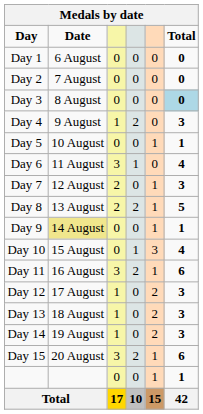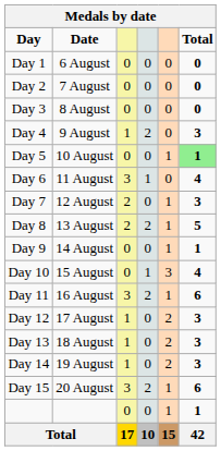 <table class=wikitable style="font-size:85%">
 <tr bgcolor=efefef>
 <th colspan=6>Medals by date</th>
 </tr>
 <tr align=center>
 <td><strong>Day</strong></td>
 <td><strong>Date</strong></td>
 <td bgcolor=#f7f6a8></td>
 <td bgcolor=#dce5e5></td>
 <td bgcolor=#ffdab9></td>
 <td><strong>Total</strong></td>
 </tr>
 <tr align=center>
 <td>Day 1</td>
 <td>6 August</td>
 <td bgcolor=F7F6A8>0</td>
 <td bgcolor=DCE5E5>0</td>
 <td bgcolor=FFDAB9>0</td>
 <td><strong> 0</strong></td>
 </tr>
 <tr align=center>
 <td>Day 2</td>
 <td>7 August</td>
 <td bgcolor=F7F6A8>0</td>
 <td bgcolor=DCE5E5>0</td>
 <td bgcolor=FFDAB9>0</td>
 <td><strong> 0</strong></td>
 </tr>
 <tr align=center>
 <td>Day 3</td>
 <td>8 August</td>
 <td bgcolor=F7F6A8>0</td>
 <td bgcolor=DCE5E5>0</td>
 <td bgcolor=FFDAB9>0</td>
-<td style="background: lightblue;"><strong> 0</strong></td>
+<td><strong> 0</strong></td>
 </tr>
 <tr align=center>
 <td>Day 4</td>
 <td>9 August</td>
 <td bgcolor=F7F6A8>1</td>
 <td bgcolor=DCE5E5>2</td>
 <td bgcolor=FFDAB9>0</td>
 <td><strong> 3</strong></td>
 </tr>
 <tr align=center>
 <td>Day 5</td>
 <td>10 August</td>
 <td bgcolor=F7F6A8>0</td>
 <td bgcolor=DCE5E5>0</td>
 <td bgcolor=FFDAB9>1</td>
-<td><strong> 1</strong></td>
+<td style="background: lightgreen;"><strong> 1</strong></td>
 </tr>
 <tr align=center>
 <td>Day 6</td>
 <td>11 August</td>
 <td bgcolor=F7F6A8>3</td>
 <td bgcolor=DCE5E5>1</td>
 <td bgcolor=FFDAB9>0</td>
 <td><strong> 4</strong></td>
 </tr>
 <tr align=center>
 <td>Day 7</td>
 <td>12 August</td>
 <td bgcolor=F7F6A8>2</td>
 <td bgcolor=DCE5E5>0</td>
 <td bgcolor=FFDAB9>1</td>
 <td><strong> 3</strong></td>
 </tr>
 <tr align=center>
 <td>Day 8</td>
 <td>13 August</td>
 <td bgcolor=F7F6A8>2</td>
 <td bgcolor=DCE5E5>2</td>
 <td bgcolor=FFDAB9>1</td>
 <td><strong> 5</strong></td>
 </tr>
 <tr align=center>
 <td>Day 9</td>
-<td style="background: khaki;">14 August</td>
+<td>14 August</td>
 <td bgcolor=F7F6A8>0</td>
 <td bgcolor=DCE5E5>0</td>
 <td bgcolor=FFDAB9>1</td>
 <td><strong> 1</strong></td>
 </tr>
 <tr align=center>
 <td>Day 10</td>
 <td>15 August</td>
 <td bgcolor=F7F6A8>0</td>
 <td bgcolor=DCE5E5>1</td>
 <td bgcolor=FFDAB9>3</td>
 <td><strong> 4</strong></td>
 </tr>
 <tr align=center>
 <td>Day 11</td>
 <td>16 August</td>
 <td bgcolor=F7F6A8>3</td>
 <td bgcolor=DCE5E5>2</td>
 <td bgcolor=FFDAB9>1</td>
 <td><strong> 6</strong></td>
 </tr>
 <tr align=center>
 <td>Day 12</td>
 <td>17 August</td>
 <td bgcolor=F7F6A8>1</td>
 <td bgcolor=DCE5E5>0</td>
 <td bgcolor=FFDAB9>2</td>
 <td><strong> 3</strong></td>
 </tr>
 <tr align=center>
 <td>Day 13</td>
 <td>18 August</td>
 <td bgcolor=F7F6A8>1</td>
 <td bgcolor=DCE5E5>0</td>
 <td bgcolor=FFDAB9>2</td>
 <td><strong> 3</strong></td>
 </tr>
 <tr align=center>
 <td>Day 14</td>
 <td>19 August</td>
 <td bgcolor=F7F6A8>1</td>
 <td bgcolor=DCE5E5>0</td>
 <td bgcolor=FFDAB9>2</td>
 <td><strong> 3</strong></td>
 </tr>
 <tr align=center>
 <td>Day 15</td>
 <td>20 August</td>
 <td bgcolor=F7F6A8>3</td>
 <td bgcolor=DCE5E5>2</td>
 <td bgcolor=FFDAB9>1</td>
 <td><strong> 6</strong></td>
 </tr>
 <tr align=center>
 <td></td>
 <td></td>
 <td bgcolor=F7F6A8>0</td>
 <td bgcolor=DCE5E5>0</td>
 <td bgcolor=FFDAB9>1</td>
 <td><strong> 1</strong></td>
 </tr>
 <tr>
 <th colspan=2>Total</th>
 <th style="background:gold">17</th>
 <th style="background:silver">10</th>
 <th style="background:#c96">15</th>
 <th>42</th>
 </tr>
 </table>
